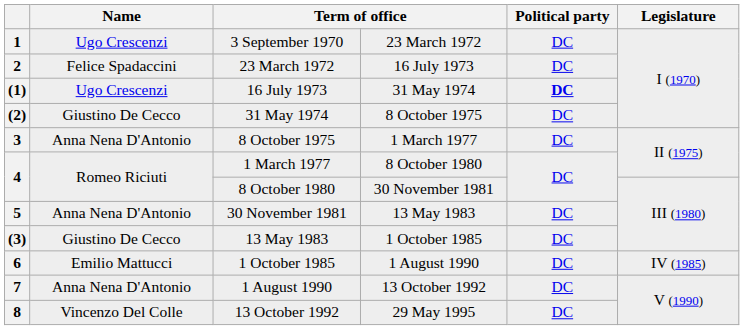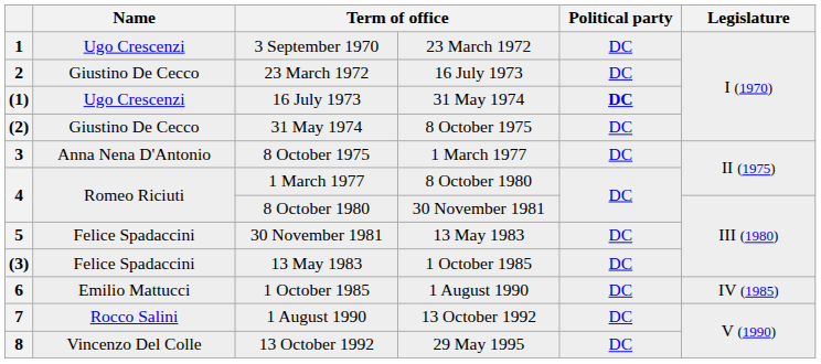 <table class="wikitable" style="text-align:center; width:60%; border:1px #AAAAFF solid">
 <tr>
 <th width=10px colspan=1></th>
 <th width=25%>Name</th>
 <th width=40% colspan=2>Term of office</th>
 <th width=15%>Political party</th>
 <th>Legislature</th>
 </tr>
 <tr bgcolor=#EEEEEE>
 <th style="background:">1</th>
 <td><a href='#'>Ugo Crescenzi</a></td>
 <td>3 September 1970</td>
 <td>23 March 1972</td>
 <td><a href='#'>DC</a></td>
 <td rowspan=4 bgcolor=#EEEEEE>I <small>(<a href='#'>1970</a>)</small></td>
 </tr>
 <tr bgcolor=#EEEEEE>
 <th style="background:">2</th>
-<td>Felice Spadaccini</td>
+<td>Giustino De Cecco</td>
 <td>23 March 1972</td>
 <td>16 July 1973</td>
 <td><a href='#'>DC</a></td>
 </tr>
 <tr bgcolor=#EEEEEE>
 <th style="background:">(1)</th>
 <td><a href='#'>Ugo Crescenzi</a></td>
 <td>16 July 1973</td>
 <td>31 May 1974</td>
 <td><strong><a href='#'>DC</a></strong></td>
 </tr>
 <tr bgcolor=#EEEEEE>
 <th style="background:">(2)</th>
 <td>Giustino De Cecco</td>
 <td>31 May 1974</td>
 <td>8 October 1975</td>
 <td><a href='#'>DC</a></td>
 </tr>
 <tr bgcolor=#EEEEEE>
 <th style="background:">3</th>
 <td>Anna Nena D'Antonio</td>
 <td>8 October 1975</td>
 <td>1 March 1977</td>
 <td><a href='#'>DC</a></td>
 <td rowspan=2 bgcolor=#EEEEEE>II <small>(<a href='#'>1975</a>)</small></td>
 </tr>
 <tr bgcolor=#EEEEEE>
 <th rowspan=2 style="background:">4</th>
 <td rowspan=2>Romeo Riciuti</td>
 <td>1 March 1977</td>
 <td>8 October 1980</td>
 <td rowspan=2><a href='#'>DC</a></td>
 </tr>
 <tr bgcolor=#EEEEEE>
 <td>8 October 1980</td>
 <td>30 November 1981</td>
 <td rowspan=3 bgcolor=#EEEEEE>III <small>(<a href='#'>1980</a>)</small></td>
 </tr>
 <tr bgcolor=#EEEEEE>
 <th style="background:">5</th>
-<td>Anna Nena D'Antonio</td>
+<td>Felice Spadaccini</td>
 <td>30 November 1981</td>
 <td>13 May 1983</td>
 <td><a href='#'>DC</a></td>
 </tr>
 <tr bgcolor=#EEEEEE>
 <th style="background:">(3)</th>
-<td>Giustino De Cecco</td>
+<td>Felice Spadaccini</td>
 <td>13 May 1983</td>
 <td>1 October 1985</td>
 <td><a href='#'>DC</a></td>
 </tr>
 <tr bgcolor=#EEEEEE>
 <th style="background:">6</th>
 <td>Emilio Mattucci</td>
 <td>1 October 1985</td>
 <td>1 August 1990</td>
 <td><a href='#'>DC</a></td>
 <td bgcolor=#EEEEEE>IV <small>(<a href='#'>1985</a>)</small></td>
 </tr>
 <tr bgcolor=#EEEEEE>
 <th style="background:">7</th>
-<td>Anna Nena D'Antonio</td>
+<td><a href='#'>Rocco Salini</a></td>
 <td>1 August 1990</td>
 <td>13 October 1992</td>
 <td><a href='#'>DC</a></td>
 <td rowspan=2 bgcolor=#EEEEEE>V <small>(<a href='#'>1990</a>)</small></td>
 </tr>
 <tr bgcolor=#EEEEEE>
 <th style="background:">8</th>
 <td>Vincenzo Del Colle</td>
 <td>13 October 1992</td>
 <td>29 May 1995</td>
 <td><a href='#'>DC</a></td>
 </tr>
 </table>
